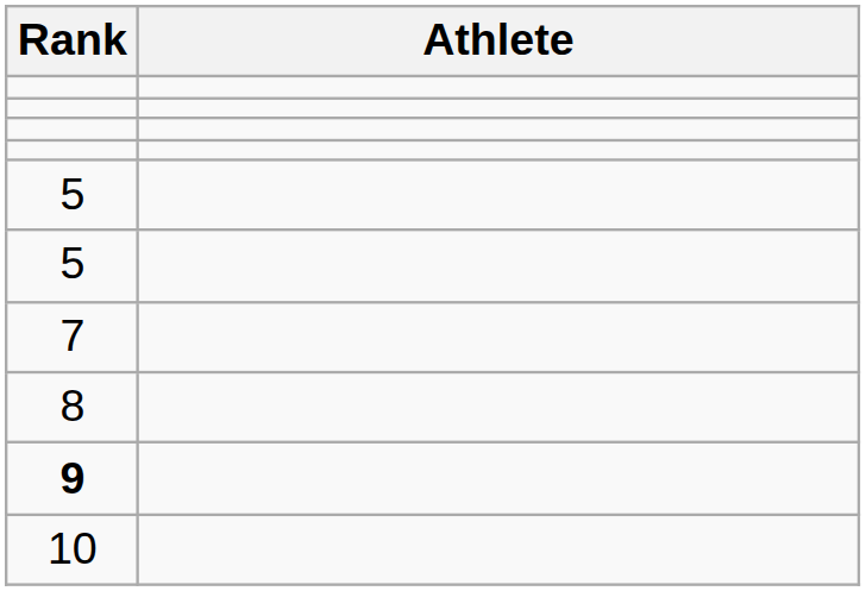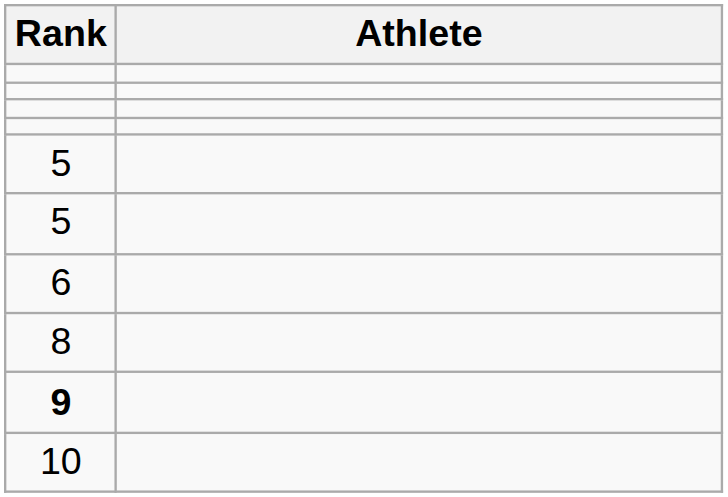 <table class="wikitable" style="text-align: center;">
 <tr>
 <th width=40>Rank</th>
 <th width=250>Athlete</th>
 </tr>
 <tr>
 <td></td>
 <td align=left></td>
 </tr>
 <tr>
 <td></td>
 <td align=left></td>
 </tr>
 <tr>
 <td></td>
 <td align=left></td>
 </tr>
 <tr>
 <td></td>
 <td align=left></td>
 </tr>
 <tr>
 <td>5</td>
 <td align=left></td>
 </tr>
 <tr>
 <td>5</td>
 <td align=left></td>
 </tr>
 <tr>
-<td>7</td>
+<td>6</td>
 <td align=left></td>
 </tr>
 <tr>
 <td>8</td>
 <td align=left></td>
 </tr>
 <tr>
 <td><strong>9</strong></td>
 <td align=left></td>
 </tr>
 <tr>
 <td>10</td>
 <td align=left></td>
 </tr>
 </table>
